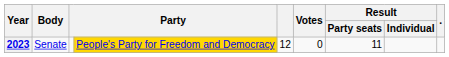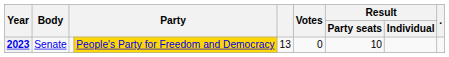 <table class="wikitable plainrowheaders sortable" border=2 cellpadding=4 cellspacing=0 style="border: 1px #aaa solid; font-size: 90%; text-align:center;">
 <tr>
 <th scope="col" rowspan=2>Year</th>
 <th scope="col" rowspan=2>Body</th>
 <th scope="col" colspan=2 rowspan=2>Party</th>
 <th scope="col" rowspan=2></th>
 <th scope="col" rowspan=2>Votes</th>
 <th scope="colgroup" colspan=2>Result</th>
 <th scope="col" rowspan=2>.</th>
 </tr>
 <tr>
 <th scope="col">Party seats</th>
 <th scope="col">Individual</th>
 </tr>
 <tr>
 <th scope="row"><a href='#'>2023</a></th>
 <td><a href='#'>Senate</a></td>
 <td style="background-color:"></td>
 <td style="background: gold;"><a href='#'>People's Party for Freedom and Democracy</a></td>
-<td style=text-align:right>12</td>
+<td style=text-align:right>13</td>
 <td style=text-align:right>0</td>
-<td style=text-align:right>11</td>
+<td style=text-align:right>10</td>
 <td></td>
 <td></td>
 </tr>
 </table>
